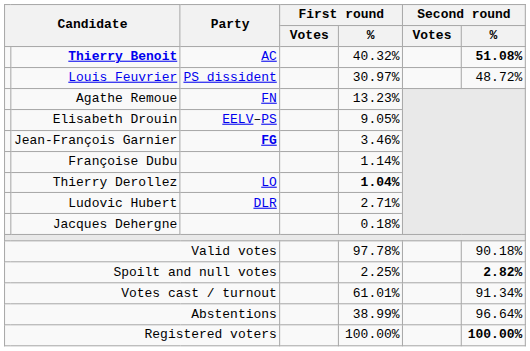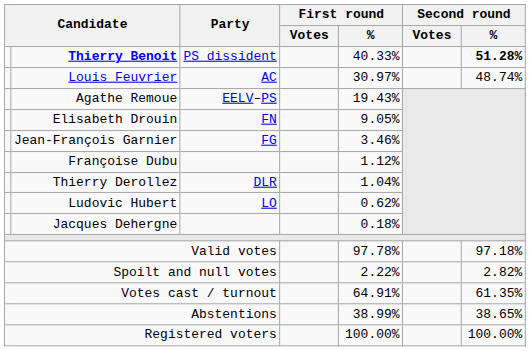 <table class="wikitable" style="text-align:right;font-size:95%;">
 <tr>
 <th rowspan=2 colspan=2>Candidate</th>
 <th rowspan=2 colspan=1>Party</th>
 <th colspan=2>First round</th>
 <th colspan=2>Second round</th>
 </tr>
 <tr>
 <th style="width:50px;">Votes</th>
 <th style="width:55px;">%</th>
 <th style="width:50px;">Votes</th>
 <th style="width:55px;">%</th>
 </tr>
 <tr>
 <td style="color:inherit;background-color:"></td>
 <td><strong><a href='#'>Thierry Benoit</a></strong></td>
-<td><a href='#'>AC</a></td>
+<td><a href='#'>PS dissident</a></td>
 <td></td>
-<td>40.32%</td>
+<td>40.33%</td>
 <td><strong></strong></td>
-<td><strong>51.08%</strong></td>
+<td><strong>51.28%</strong></td>
 </tr>
 <tr>
 <td style="color:inherit;background-color:"></td>
 <td><a href='#'>Louis Feuvrier</a></td>
-<td><a href='#'>PS dissident</a></td>
+<td><a href='#'>AC</a></td>
 <td></td>
 <td>30.97%</td>
 <td></td>
-<td>48.72%</td>
+<td>48.74%</td>
 </tr>
 <tr>
 <td style="color:inherit;background-color:"></td>
 <td>Agathe Remoue</td>
-<td><a href='#'>FN</a></td>
+<td><a href='#'>EELV</a>–<a href='#'>PS</a></td>
 <td></td>
-<td>13.23%</td>
+<td>19.43%</td>
 <td colspan=7 rowspan=7 style="background-color:#E9E9E9;"></td>
 </tr>
 <tr>
 <td style="color:inherit;background-color:"></td>
 <td>Elisabeth Drouin</td>
-<td><a href='#'>EELV</a>–<a href='#'>PS</a></td>
+<td><a href='#'>FN</a></td>
 <td></td>
 <td>9.05%</td>
 </tr>
 <tr>
 <td style="color:inherit;background-color:"></td>
 <td>Jean-François Garnier</td>
-<td><strong><a href='#'>FG</a></strong></td>
+<td><a href='#'>FG</a></td>
 <td></td>
 <td>3.46%</td>
 </tr>
 <tr>
 <td style="background-color:;"></td>
 <td>Françoise Dubu</td>
 <td></td>
 <td></td>
-<td>1.14%</td>
+<td>1.12%</td>
 </tr>
 <tr>
 <td style="color:inherit;background-color:"></td>
 <td>Thierry Derollez</td>
-<td><a href='#'>LO</a></td>
+<td><a href='#'>DLR</a></td>
 <td></td>
-<td><strong>1.04%</strong></td>
+<td>1.04%</td>
 </tr>
 <tr>
 <td style="color:inherit;background-color:"></td>
 <td>Ludovic Hubert</td>
-<td><a href='#'>DLR</a></td>
+<td><a href='#'>LO</a></td>
 <td></td>
-<td>2.71%</td>
+<td>0.62%</td>
 </tr>
 <tr>
 <td style="background-color:;"></td>
 <td>Jacques Dehergne</td>
 <td></td>
 <td></td>
 <td>0.18%</td>
 </tr>
 <tr>
 <td colspan=7 style="background-color:#E9E9E9;"></td>
 </tr>
 <tr>
 <td colspan=3>Valid votes</td>
 <td></td>
 <td>97.78%</td>
 <td></td>
-<td>90.18%</td>
+<td>97.18%</td>
 </tr>
 <tr>
 <td colspan=3>Spoilt and null votes</td>
 <td></td>
-<td>2.25%</td>
+<td>2.22%</td>
 <td></td>
-<td><strong>2.82%</strong></td>
+<td>2.82%</td>
 </tr>
 <tr>
 <td colspan=3>Votes cast / turnout</td>
 <td></td>
-<td>61.01%</td>
+<td>64.91%</td>
 <td></td>
-<td>91.34%</td>
+<td>61.35%</td>
 </tr>
 <tr>
 <td colspan=3>Abstentions</td>
 <td></td>
 <td>38.99%</td>
 <td></td>
-<td>96.64%</td>
+<td>38.65%</td>
 </tr>
 <tr>
 <td colspan=3>Registered voters</td>
 <td></td>
 <td>100.00%</td>
 <td></td>
-<td><strong>100.00%</strong></td>
+<td>100.00%</td>
 </tr>
 </table>
